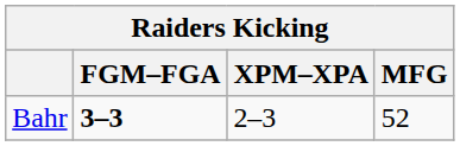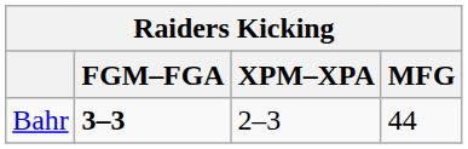 <table class="wikitable">
 <tr>
 <th colspan="4">Raiders Kicking</th>
 </tr>
 <tr>
 <th></th>
 <th>FGM–FGA</th>
 <th>XPM–XPA</th>
 <th>MFG</th>
 </tr>
 <tr>
 <td><a href='#'>Bahr</a></td>
 <td><strong>3–3</strong></td>
 <td>2–3</td>
-<td>52</td>
+<td>44</td>
 </tr>
 </table>
